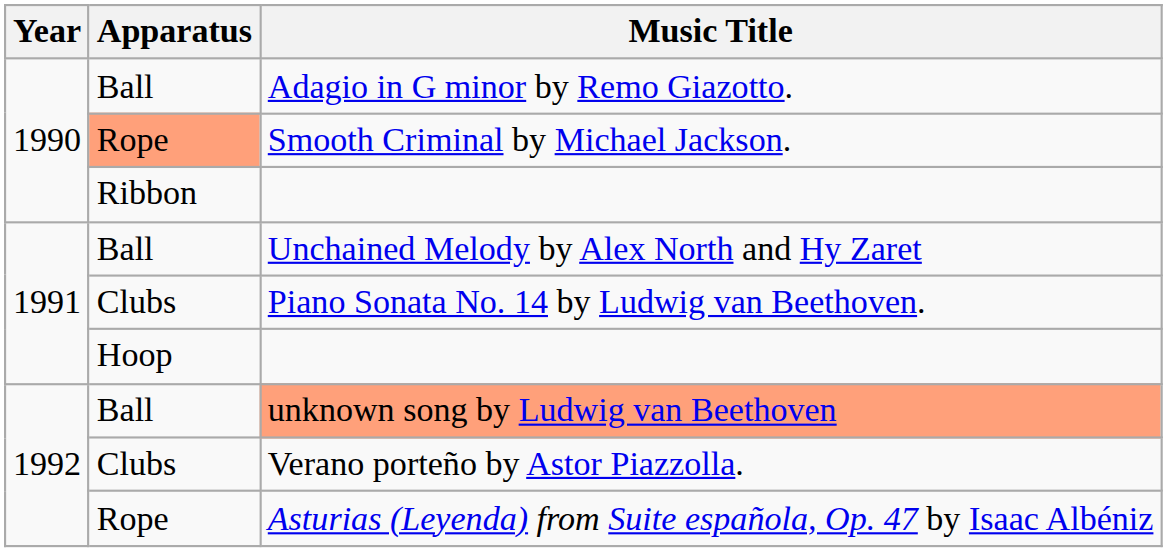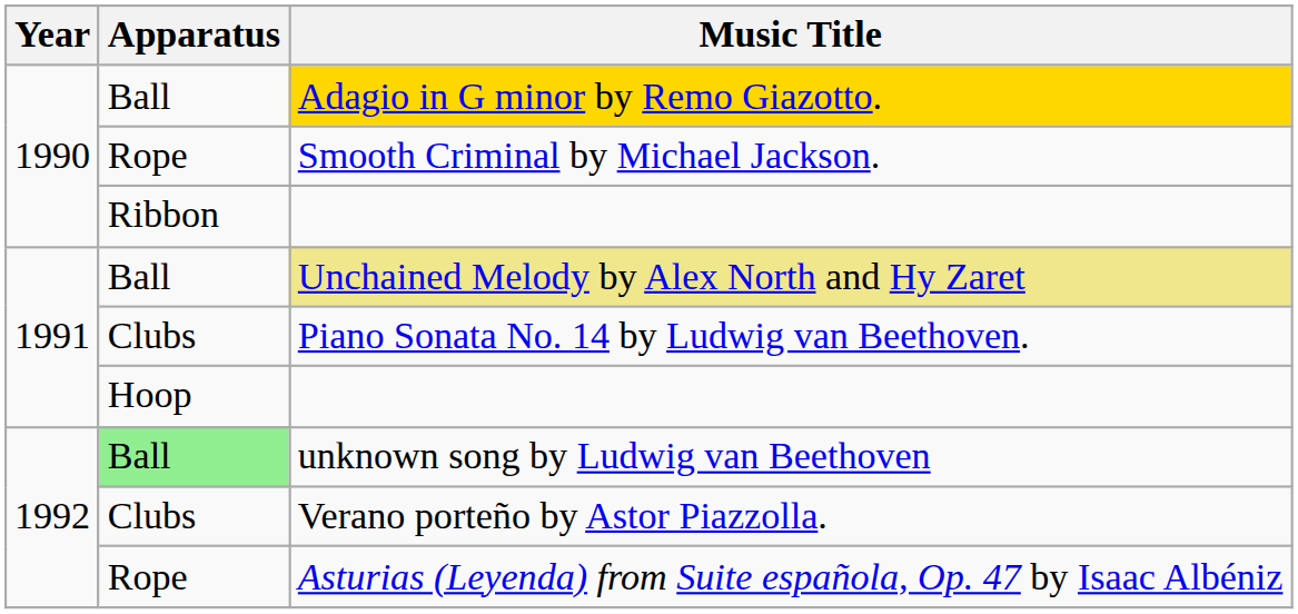 <table class="wikitable">
 <tr>
 <th>Year</th>
 <th>Apparatus</th>
 <th>Music Title</th>
 </tr>
 <tr>
 <td rowspan="3">1990</td>
 <td>Ball</td>
-<td><a href='#'>Adagio in G minor</a> by <a href='#'>Remo Giazotto</a>.</td>
+<td style="background: gold;"><a href='#'>Adagio in G minor</a> by <a href='#'>Remo Giazotto</a>.</td>
 </tr>
 <tr>
-<td style="background: lightsalmon;">Rope</td>
+<td>Rope</td>
 <td><a href='#'>Smooth Criminal</a> by <a href='#'>Michael Jackson</a>.</td>
 </tr>
 <tr>
 <td>Ribbon</td>
 <td></td>
 </tr>
 <tr>
 <td rowspan="3">1991</td>
 <td>Ball</td>
-<td><a href='#'>Unchained Melody</a> by <a href='#'>Alex North</a> and <a href='#'>Hy Zaret</a></td>
+<td style="background: khaki;"><a href='#'>Unchained Melody</a> by <a href='#'>Alex North</a> and <a href='#'>Hy Zaret</a></td>
 </tr>
 <tr>
 <td>Clubs</td>
 <td><a href='#'>Piano Sonata No. 14</a> by <a href='#'>Ludwig van Beethoven</a>.</td>
 </tr>
 <tr>
 <td>Hoop</td>
 <td></td>
 </tr>
 <tr>
 <td rowspan="3">1992</td>
-<td>Ball</td>
-<td style="background: lightsalmon;">unknown song by <a href='#'>Ludwig van Beethoven</a></td>
+<td style="background: lightgreen;">Ball</td>
+<td>unknown song by <a href='#'>Ludwig van Beethoven</a></td>
 </tr>
 <tr>
 <td>Clubs</td>
 <td>Verano porteño by <a href='#'>Astor Piazzolla</a>.</td>
 </tr>
 <tr>
 <td>Rope</td>
 <td><em><a href='#'>Asturias (Leyenda)</a> from</em> <em><a href='#'>Suite española, Op. 47</a></em> by <a href='#'>Isaac Albéniz</a></td>
 </tr>
 </table>
